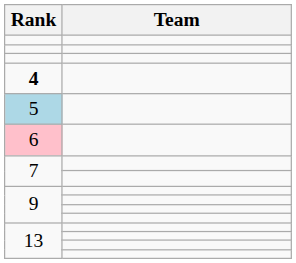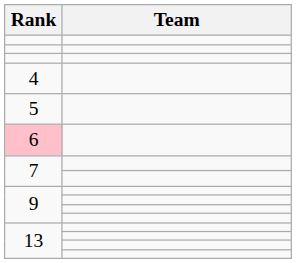 <table class="wikitable" style="text-align: center;">
 <tr>
 <th width=40>Rank</th>
 <th width=180>Team</th>
 </tr>
 <tr align=center>
 <td></td>
 <td style="text-align:left;"></td>
 </tr>
 <tr align=center>
 <td></td>
 <td style="text-align:left;"></td>
 </tr>
 <tr align=center>
 <td></td>
 <td style="text-align:left;"></td>
 </tr>
 <tr align=center>
-<td><strong>4</strong></td>
+<td>4</td>
 <td style="text-align:left;"></td>
 </tr>
 <tr align=center>
-<td style="background: lightblue;">5</td>
+<td>5</td>
 <td style="text-align:left;"></td>
 </tr>
 <tr align=center>
 <td style="background: pink;">6</td>
 <td style="text-align:left;"></td>
 </tr>
 <tr align=center>
 <td rowspan=2>7</td>
 <td style="text-align:left;"></td>
 </tr>
 <tr align=center>
 <td style="text-align:left;"></td>
 </tr>
 <tr align=center>
 <td rowspan=4>9</td>
 <td style="text-align:left;"></td>
 </tr>
 <tr align=center>
 <td style="text-align:left;"></td>
 </tr>
 <tr align=center>
 <td style="text-align:left;"></td>
 </tr>
 <tr align=center>
 <td style="text-align:left;"></td>
 </tr>
 <tr align=center>
 <td rowspan=4>13</td>
 <td style="text-align:left;"></td>
 </tr>
 <tr align=center>
 <td style="text-align:left;"></td>
 </tr>
 <tr align=center>
 <td style="text-align:left;"></td>
 </tr>
 <tr align=center>
 <td style="text-align:left;"></td>
 </tr>
 </table>
